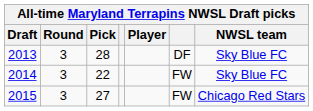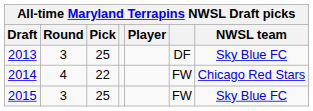 <table class="wikitable sortable" style="text-align: center;">
 <tr>
 <th colspan="7" style="background:#">All-time <a href='#'><span>Maryland Terrapins</span></a> NWSL Draft picks</th>
 </tr>
 <tr>
 <th scope="col">Draft</th>
 <th scope="col">Round</th>
 <th scope="col">Pick</th>
 <th scope="col"></th>
 <th scope="col">Player</th>
 <th scope="col"></th>
 <th scope="col">NWSL team</th>
 </tr>
 <tr>
 <td><a href='#'>2013</a></td>
 <td>3</td>
-<td>28</td>
+<td>25</td>
 <td></td>
 <td></td>
 <td>DF</td>
 <td><a href='#'>Sky Blue FC</a></td>
 </tr>
 <tr>
 <td><a href='#'>2014</a></td>
+<td>4</td>
+<td>22</td>
+<td></td>
+<td></td>
+<td>FW</td>
+<td><a href='#'>Chicago Red Stars</a></td>
+</tr>
+<tr>
+<td><a href='#'>2015</a></td>
 <td>3</td>
-<td>22</td>
+<td>25</td>
 <td></td>
 <td></td>
 <td>FW</td>
 <td><a href='#'>Sky Blue FC</a></td>
 </tr>
-<tr>
-<td><a href='#'>2015</a></td>
-<td>3</td>
-<td>27</td>
-<td></td>
-<td></td>
-<td>FW</td>
-<td><a href='#'>Chicago Red Stars</a></td>
-</tr>
 </table>
